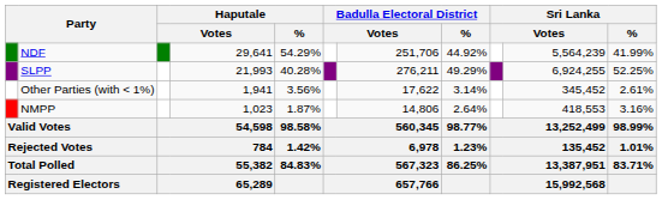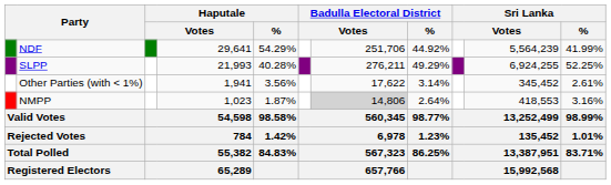 <table class="wikitable">
 <tr>
 <th colspan="2" width="144px"rowspan="2">Party</th>
 <th colspan="3" width="216px">Haputale</th>
 <th colspan="3" width="216px"><a href='#'>Badulla Electoral District</a></th>
 <th colspan="3" width="216px">Sri Lanka</th>
 </tr>
 <tr>
 <th colspan="2" width="144px">Votes</th>
 <th>%</th>
 <th colspan="2" width="144px">Votes</th>
 <th>%</th>
 <th colspan="2" width="144px">Votes</th>
 <th>%</th>
 </tr>
 <tr>
 <td style="background-color:green;" width="10px"></td>
 <td style="text-align:left;"><a href='#'>NDF</a></td>
 <td style="background-color:green;" width="10px"></td>
 <td style="text-align:right;">29,641</td>
 <td style="text-align:right;">54.29%</td>
 <td style="background-color:white;" width="10px"></td>
 <td style="text-align:right;">251,706</td>
 <td style="text-align:right;">44.92%</td>
 <td style="background-color:white;" width="10px"></td>
 <td style="text-align:right;">5,564,239</td>
 <td style="text-align:right;">41.99%</td>
 </tr>
 <tr>
 <td style="background-color:purple;" width="10px"></td>
 <td style="text-align:left;"><a href='#'>SLPP</a></td>
 <td style="background-color:white;" width="10px"></td>
 <td style="text-align:right;">21,993</td>
 <td style="text-align:right;">40.28%</td>
 <td style="background-color:purple;" width="10px"></td>
 <td style="text-align:right;">276,211</td>
 <td style="text-align:right;">49.29%</td>
 <td style="background-color:purple;" width="10px"></td>
 <td style="text-align:right;">6,924,255</td>
 <td style="text-align:right;">52.25%</td>
 </tr>
 <tr>
 <td style="background-color:white;" width="10px"></td>
 <td style="text-align:left;">Other Parties (with < 1%)</td>
 <td style="background-color:white;" width="10px"></td>
 <td style="text-align:right;">1,941</td>
 <td style="text-align:right;">3.56%</td>
 <td style="background-color:white;" width="10px"></td>
 <td style="text-align:right;">17,622</td>
 <td style="text-align:right;">3.14%</td>
 <td style="background-color:white;" width="10px"></td>
 <td style="text-align:right;">345,452</td>
 <td style="text-align:right;">2.61%</td>
 </tr>
 <tr>
 <td style="background-color:red;" width="10px"></td>
 <td style="text-align:left;">NMPP</td>
 <td style="background-color:white;" width="10px"></td>
 <td style="text-align:right;">1,023</td>
 <td style="text-align:right;">1.87%</td>
 <td style="background-color:white;" width="10px"></td>
-<td style="text-align:right;">14,806</td>
+<td style="background: lightgrey; text-align:right;">14,806</td>
 <td style="text-align:right;">2.64%</td>
 <td style="background-color:white;" width="10px"></td>
 <td style="text-align:right;">418,553</td>
 <td style="text-align:right;">3.16%</td>
 </tr>
 <tr>
 <th colspan="2" width="144px"style="text-align:left;">Valid Votes</th>
 <th style="text-align:right;"colspan="2" width="144px">54,598</th>
 <th style="text-align:right;">98.58%</th>
 <th style="text-align:right;"colspan="2" width="144px">560,345</th>
 <th style="text-align:right;">98.77%</th>
 <th style="text-align:right;"colspan="2" width="144px">13,252,499</th>
 <th style="text-align:right;">98.99%</th>
 </tr>
 <tr>
 <th colspan="2" width="144px"style="text-align:left;">Rejected Votes</th>
 <th style="text-align:right;"colspan="2" width="144px">784</th>
 <th style="text-align:right;">1.42%</th>
 <th style="text-align:right;"colspan="2" width="144px">6,978</th>
 <th style="text-align:right;">1.23%</th>
 <th style="text-align:right;"colspan="2" width="144px">135,452</th>
 <th style="text-align:right;">1.01%</th>
 </tr>
 <tr>
 <th colspan="2" width="144px"style="text-align:left;">Total Polled</th>
 <th style="text-align:right;"colspan="2" width="144px">55,382</th>
 <th style="text-align:right;">84.83%</th>
 <th style="text-align:right;"colspan="2" width="144px">567,323</th>
 <th style="text-align:right;">86.25%</th>
 <th style="text-align:right;"colspan="2" width="144px">13,387,951</th>
 <th style="text-align:right;">83.71%</th>
 </tr>
 <tr>
 <th colspan="2" width="144px"style="text-align:left;">Registered Electors</th>
 <th style="text-align:right;"colspan="2" width="144px">65,289</th>
 <th></th>
 <th style="text-align:right;"colspan="2" width="144px">657,766</th>
 <th></th>
 <th style="text-align:right;"colspan="2" width="144px">15,992,568</th>
 <th></th>
 </tr>
 </table>
